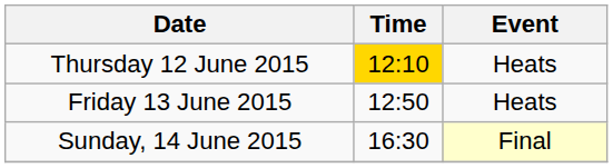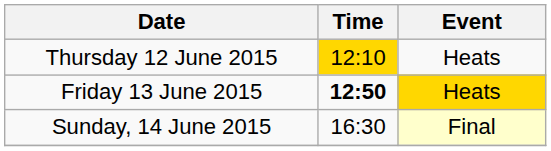 <table class = "wikitable" style="text-align:center;">
 <tr>
 <th width=220>Date</th>
 <th width=50>Time</th>
 <th width=100>Event</th>
 </tr>
 <tr>
 <td>Thursday 12 June 2015</td>
 <td style="background: gold;">12:10</td>
 <td>Heats</td>
 </tr>
 <tr>
 <td>Friday 13 June 2015</td>
-<td>12:50</td>
-<td>Heats</td>
+<td><strong>12:50</strong></td>
+<td style="background: gold;">Heats</td>
 </tr>
 <tr>
 <td>Sunday, 14 June 2015</td>
 <td>16:30</td>
 <td bgcolor=ffffcc>Final</td>
 </tr>
 <tr>
 </tr>
 </table>
